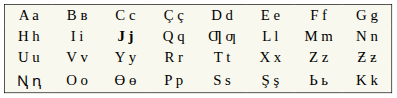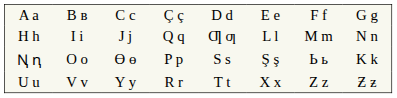 <table style="font-family:Arial Unicode MS; font-size:1.4em; border-color:#000000; border-width:1px; border-style:solid; border-collapse:collapse; background-color:#F8F8EF">
 <tr>
 <td style="width:3em; text-align:center; padding: 3px;">A a</td>
 <td style="width:3em; text-align:center; padding: 3px;">B ʙ</td>
 <td style="width:3em; text-align:center; padding: 3px;">C c</td>
 <td style="width:3em; text-align:center; padding: 3px;">Ç ç</td>
 <td style="width:3em; text-align:center; padding: 3px;">D d</td>
 <td style="width:3em; text-align:center; padding: 3px;">E e</td>
 <td style="width:3em; text-align:center; padding: 3px;">F f</td>
 <td style="width:3em; text-align:center; padding: 3px;">G g</td>
 </tr>
 <tr>
 <td style="width:3em; text-align:center; padding: 3px;">H h</td>
 <td style="width:3em; text-align:center; padding: 3px;">I i</td>
-<td style="width:3em; text-align:center; padding: 3px;"><strong>J j</strong></td>
+<td style="width:3em; text-align:center; padding: 3px;">J j</td>
 <td style="width:3em; text-align:center; padding: 3px;">Q q</td>
 <td style="width:3em; text-align:center; padding: 3px;">Ƣ ƣ</td>
 <td style="width:3em; text-align:center; padding: 3px;">L l</td>
 <td style="width:3em; text-align:center; padding: 3px;">M m</td>
 <td style="width:3em; text-align:center; padding: 3px;">N n</td>
+</tr>
+<tr>
+<td style="width:3em; text-align:center; padding: 3px;">Ꞑ ꞑ</td>
+<td style="width:3em; text-align:center; padding: 3px;">O o</td>
+<td style="width:3em; text-align:center; padding: 3px;">Ɵ ɵ</td>
+<td style="width:3em; text-align:center; padding: 3px;">P p</td>
+<td style="width:3em; text-align:center; padding: 3px;">S s</td>
+<td style="width:3em; text-align:center; padding: 3px;">Ş ş</td>
+<td style="width:3em; text-align:center; padding: 3px;">Ь ь</td>
+<td style="width:3em; text-align:center; padding: 3px;">K k</td>
 </tr>
 <tr>
 <td style="width:3em; text-align:center; padding: 3px;">U u</td>
 <td style="width:3em; text-align:center; padding: 3px;">V v</td>
 <td style="width:3em; text-align:center; padding: 3px;">Y y</td>
 <td style="width:3em; text-align:center; padding: 3px;">R r</td>
 <td style="width:3em; text-align:center; padding: 3px;">T t</td>
 <td style="width:3em; text-align:center; padding: 3px;">X x</td>
 <td style="width:3em; text-align:center; padding: 3px;">Z z</td>
 <td style="width:3em; text-align:center; padding: 3px;">Ƶ ƶ</td>
 </tr>
-<tr>
-<td style="width:3em; text-align:center; padding: 3px;">Ꞑ ꞑ</td>
-<td style="width:3em; text-align:center; padding: 3px;">O o</td>
-<td style="width:3em; text-align:center; padding: 3px;">Ɵ ɵ</td>
-<td style="width:3em; text-align:center; padding: 3px;">P p</td>
-<td style="width:3em; text-align:center; padding: 3px;">S s</td>
-<td style="width:3em; text-align:center; padding: 3px;">Ş ş</td>
-<td style="width:3em; text-align:center; padding: 3px;">Ь ь</td>
-<td style="width:3em; text-align:center; padding: 3px;">K k</td>
-</tr>
 </table>
